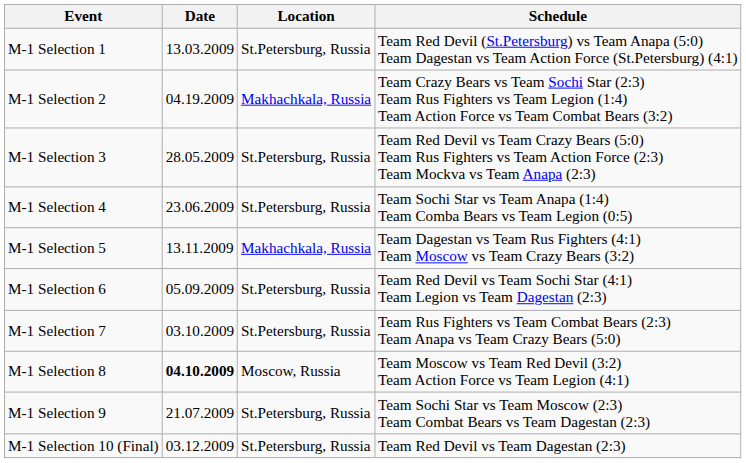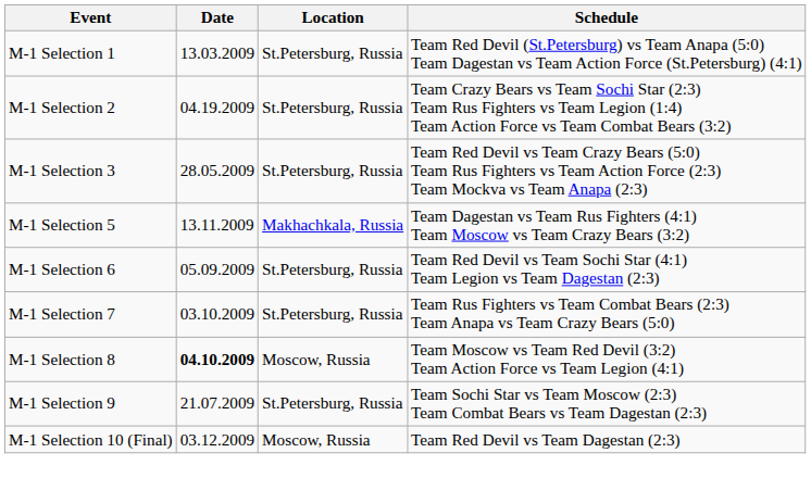 <table class="wikitable" border="1">
 <tr>
 <th>Event</th>
 <th>Date</th>
 <th>Location</th>
 <th>Schedule</th>
 </tr>
 <tr>
 <td>M-1 Selection 1</td>
 <td>13.03.2009</td>
 <td>St.Petersburg, Russia</td>
 <td>Team Red Devil (<a href='#'>St.Petersburg</a>) vs Team Anapa (5:0)<br>Team Dagestan vs Team Action Force (St.Petersburg) (4:1)</td>
 </tr>
 <tr>
 <td>M-1 Selection 2</td>
 <td>04.19.2009</td>
-<td><a href='#'>Makhachkala, Russia</a></td>
+<td>St.Petersburg, Russia</td>
 <td>Team Crazy Bears vs Team <a href='#'>Sochi</a> Star (2:3)<br>Team Rus Fighters vs Team Legion (1:4) <br>Team Action Force vs Team Combat Bears (3:2)</td>
 </tr>
 <tr>
 <td>M-1 Selection 3</td>
 <td>28.05.2009</td>
 <td>St.Petersburg, Russia</td>
 <td>Team Red Devil vs Team Crazy Bears (5:0)<br>Team Rus Fighters vs Team Action Force (2:3) <br>Team Mockva vs Team <a href='#'>Anapa</a> (2:3)</td>
-</tr>
-<tr>
-<td>M-1 Selection 4</td>
-<td>23.06.2009</td>
-<td>St.Petersburg, Russia</td>
-<td>Team Sochi Star vs Team Anapa (1:4)<br>Team Comba Bears vs Team Legion (0:5)</td>
 </tr>
 <tr>
 <td>M-1 Selection 5</td>
 <td>13.11.2009</td>
 <td><a href='#'>Makhachkala, Russia</a></td>
 <td>Team Dagestan vs Team Rus Fighters (4:1)<br>Team <a href='#'>Moscow</a> vs Team Crazy Bears (3:2)</td>
 </tr>
 <tr>
 <td>M-1 Selection 6</td>
 <td>05.09.2009</td>
 <td>St.Petersburg, Russia</td>
 <td>Team Red Devil vs Team Sochi Star (4:1)<br>Team Legion vs Team <a href='#'>Dagestan</a> (2:3)</td>
 </tr>
 <tr>
 <td>M-1 Selection 7</td>
 <td>03.10.2009</td>
 <td>St.Petersburg, Russia</td>
 <td>Team Rus Fighters vs Team Combat Bears (2:3)<br>Team Anapa vs Team Crazy Bears (5:0)</td>
 </tr>
 <tr>
 <td>M-1 Selection 8</td>
 <td><strong>04.10.2009</strong></td>
 <td>Moscow, Russia</td>
 <td>Team Moscow vs Team Red Devil (3:2)<br>Team Action Force vs Team Legion (4:1)</td>
 </tr>
 <tr>
 <td>M-1 Selection 9</td>
 <td>21.07.2009</td>
 <td>St.Petersburg, Russia</td>
 <td>Team Sochi Star vs Team Moscow (2:3)<br>Team Combat Bears vs Team Dagestan (2:3)</td>
 </tr>
 <tr>
 <td>M-1 Selection 10 (Final)</td>
 <td>03.12.2009</td>
-<td>St.Petersburg, Russia</td>
+<td>Moscow, Russia</td>
 <td>Team Red Devil vs Team Dagestan (2:3)</td>
 </tr>
 </table>
